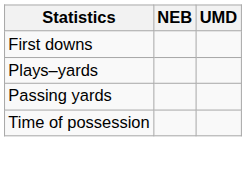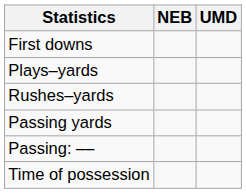 <table class="wikitable" style="float:left">
 <tr>
 <th>Statistics</th>
 <th>NEB</th>
 <th>UMD</th>
 </tr>
 <tr>
 <td>First downs</td>
 <td></td>
 <td></td>
 </tr>
 <tr>
 <td>Plays–yards</td>
 <td></td>
 <td></td>
 </tr>
 <tr>
+<td>Rushes–yards</td>
+<td></td>
+<td></td>
+</tr>
+<tr>
 <td>Passing yards</td>
+<td></td>
+<td></td>
+</tr>
+<tr>
+<td>Passing: ––</td>
 <td></td>
 <td></td>
 </tr>
 <tr>
 <td>Time of possession</td>
 <td></td>
 <td></td>
 </tr>
 </table>
